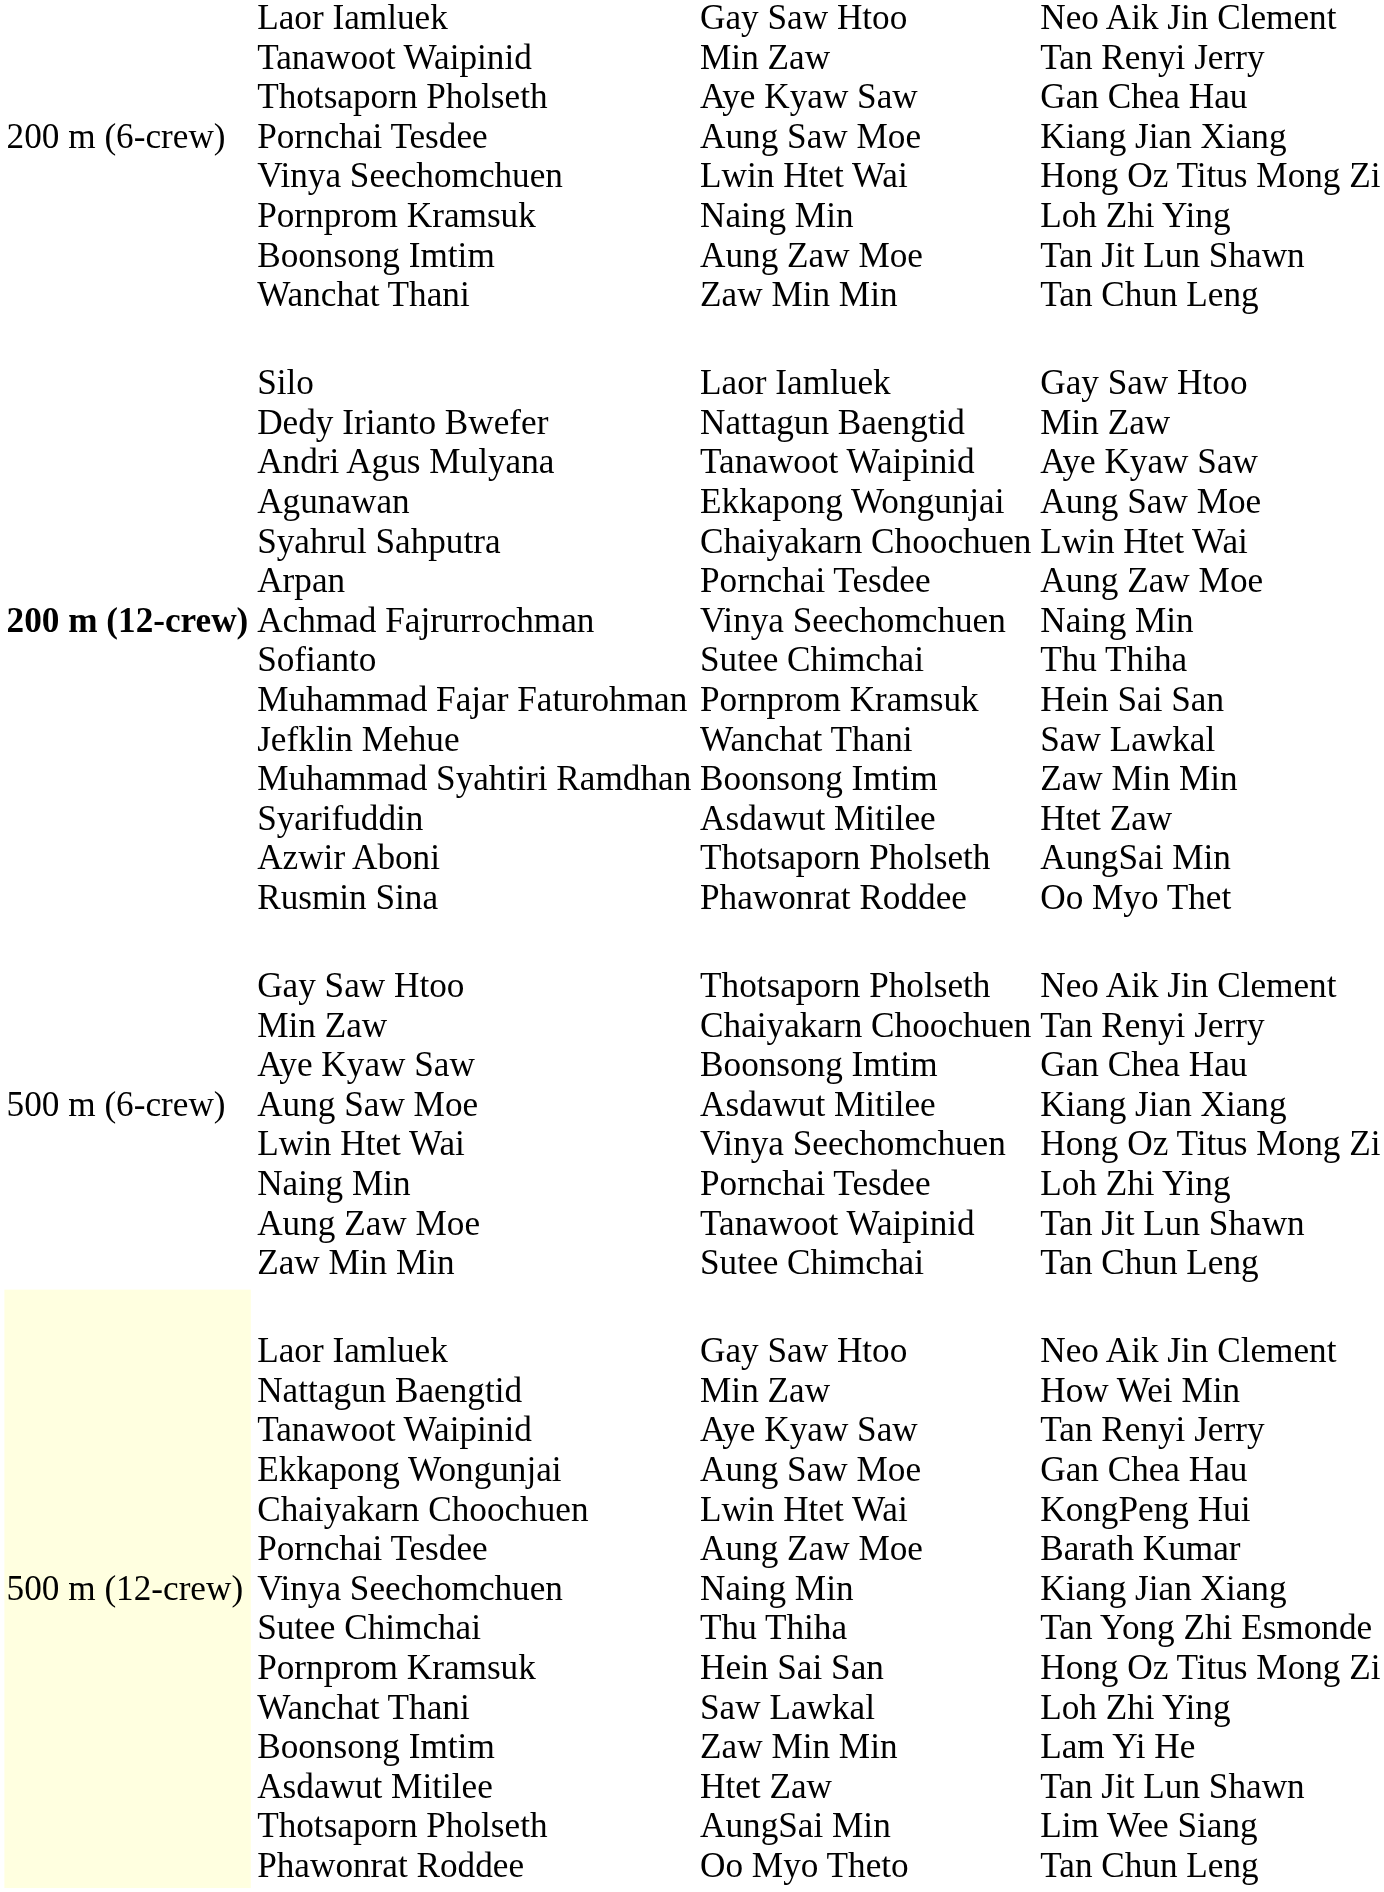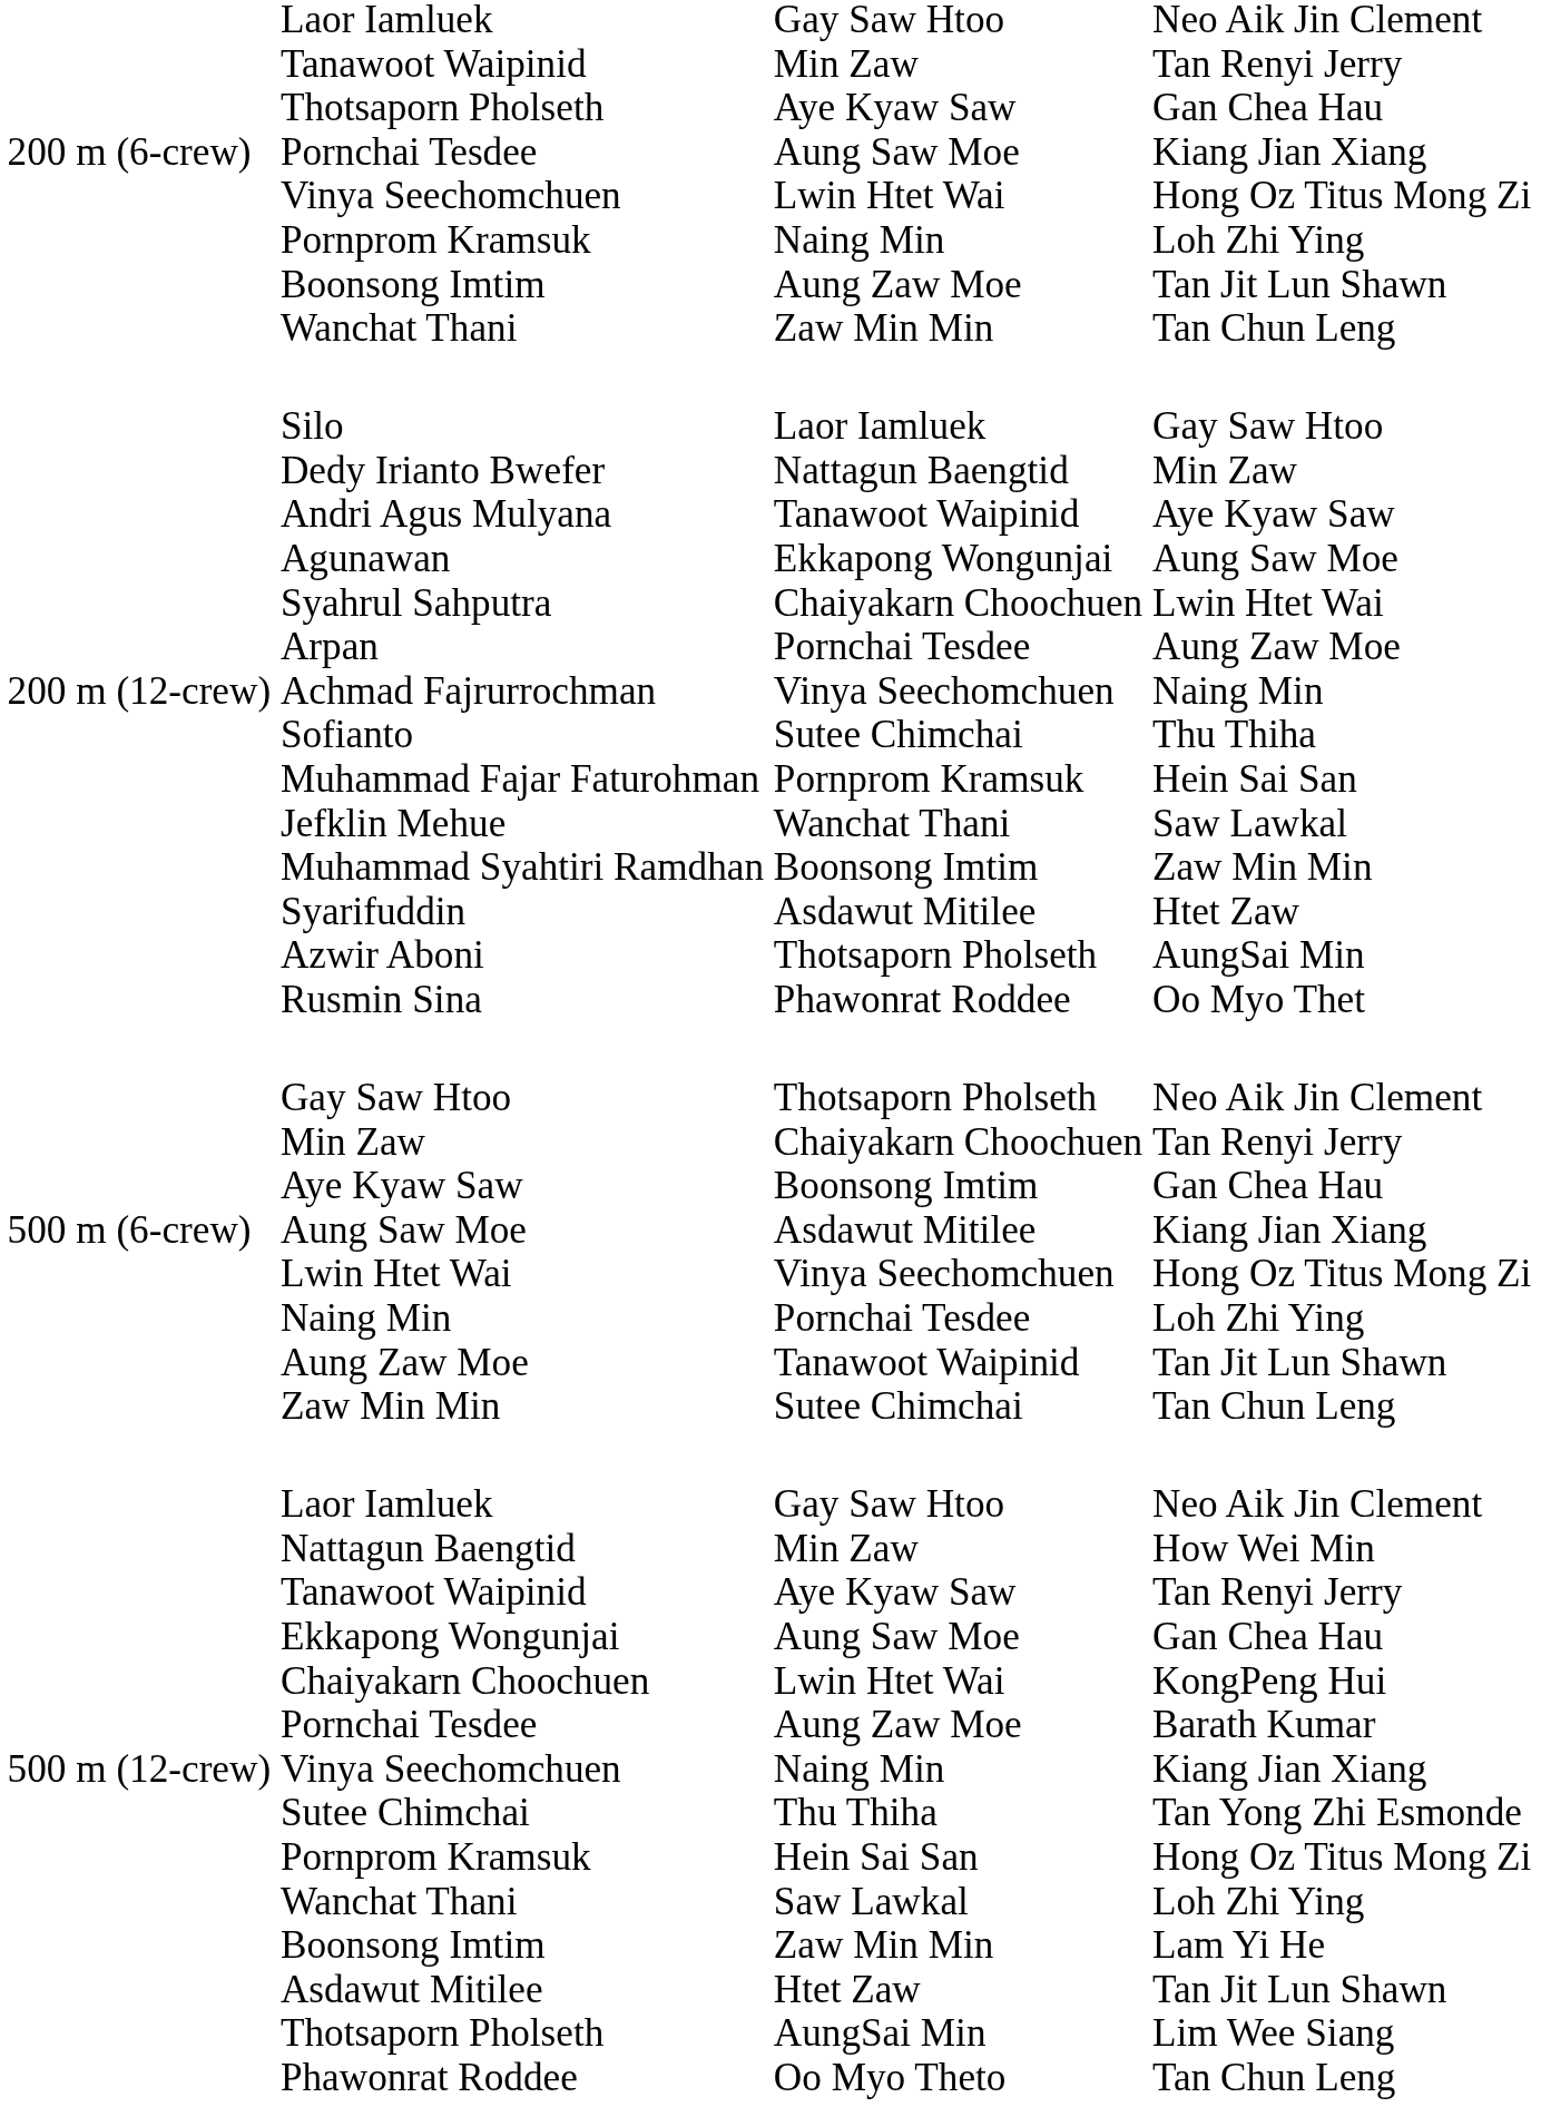 <table>
 <tr>
 <td>200 m (6-crew)<br></td>
 <td><span><br>Laor Iamluek<br>Tanawoot Waipinid<br>Thotsaporn Pholseth<br>Pornchai Tesdee<br>Vinya Seechomchuen<br>Pornprom Kramsuk<br>Boonsong Imtim<br>Wanchat Thani</span></td>
 <td><span><br>Gay Saw Htoo<br>Min Zaw<br>Aye Kyaw Saw<br>Aung Saw Moe<br>Lwin Htet Wai<br>Naing Min<br>Aung Zaw Moe<br>Zaw Min Min</span></td>
 <td><span><br>Neo Aik Jin Clement<br>Tan Renyi Jerry<br>Gan Chea Hau<br>Kiang Jian Xiang<br>Hong Oz Titus Mong Zi<br>Loh Zhi Ying<br>Tan Jit Lun Shawn<br>Tan Chun Leng</span></td>
 </tr>
 <tr>
-<td><strong>200 m (12-crew)<br></strong></td>
+<td>200 m (12-crew)<br></td>
 <td><span><br>Silo<br>Dedy Irianto Bwefer<br>Andri Agus Mulyana<br>Agunawan<br>Syahrul Sahputra<br>Arpan<br>Achmad Fajrurrochman<br>Sofianto<br>Muhammad Fajar Faturohman<br>Jefklin Mehue<br>Muhammad Syahtiri Ramdhan<br>Syarifuddin<br>Azwir Aboni<br>Rusmin Sina</span></td>
 <td><span><br>Laor Iamluek<br>Nattagun Baengtid<br>Tanawoot Waipinid<br>Ekkapong Wongunjai<br>Chaiyakarn Choochuen<br>Pornchai Tesdee<br>Vinya Seechomchuen<br>Sutee Chimchai<br>Pornprom Kramsuk<br>Wanchat Thani<br>Boonsong Imtim<br>Asdawut Mitilee<br>Thotsaporn Pholseth<br>Phawonrat Roddee</span></td>
 <td><span><br>Gay Saw Htoo<br>Min Zaw<br>Aye Kyaw Saw<br>Aung Saw Moe<br>Lwin Htet Wai<br>Aung Zaw Moe<br>Naing Min<br>Thu Thiha<br>Hein Sai San<br>Saw Lawkal<br>Zaw Min Min<br>Htet Zaw<br>AungSai Min<br>Oo Myo Thet</span></td>
 </tr>
 <tr>
 <td>500 m (6-crew)<br></td>
 <td><span><br>Gay Saw Htoo<br>Min Zaw<br>Aye Kyaw Saw<br>Aung Saw Moe<br>Lwin Htet Wai<br>Naing Min<br>Aung Zaw Moe<br>Zaw Min Min</span></td>
 <td><span><br>Thotsaporn Pholseth<br>Chaiyakarn Choochuen<br>Boonsong Imtim<br>Asdawut Mitilee<br>Vinya Seechomchuen<br>Pornchai Tesdee<br>Tanawoot Waipinid<br>Sutee Chimchai</span></td>
 <td><span><br>Neo Aik Jin Clement<br>Tan Renyi Jerry<br>Gan Chea Hau<br>Kiang Jian Xiang<br>Hong Oz Titus Mong Zi<br>Loh Zhi Ying<br>Tan Jit Lun Shawn<br>Tan Chun Leng</span></td>
 </tr>
 <tr>
-<td style="background: lightyellow;">500 m (12-crew)<br></td>
+<td>500 m (12-crew)<br></td>
 <td><span><br>Laor Iamluek<br>Nattagun Baengtid<br>Tanawoot Waipinid<br>Ekkapong Wongunjai<br>Chaiyakarn Choochuen<br>Pornchai Tesdee<br>Vinya Seechomchuen<br>Sutee Chimchai<br>Pornprom Kramsuk<br>Wanchat Thani<br>Boonsong Imtim<br>Asdawut Mitilee<br>Thotsaporn Pholseth<br>Phawonrat Roddee</span></td>
 <td><span><br>Gay Saw Htoo<br>Min Zaw<br>Aye Kyaw Saw<br>Aung Saw Moe<br>Lwin Htet Wai<br>Aung Zaw Moe<br>Naing Min<br>Thu Thiha<br>Hein Sai San<br>Saw Lawkal<br>Zaw Min Min<br>Htet Zaw<br>AungSai Min<br>Oo Myo Theto</span></td>
 <td><span><br>Neo Aik Jin Clement<br>How Wei Min<br>Tan Renyi Jerry<br>Gan Chea Hau<br>KongPeng Hui<br>Barath Kumar<br>Kiang Jian Xiang<br>Tan Yong Zhi Esmonde<br>Hong Oz Titus Mong Zi<br>Loh Zhi Ying<br>Lam Yi He<br>Tan Jit Lun Shawn<br>Lim Wee Siang<br>Tan Chun Leng</span></td>
 </tr>
 </table>
